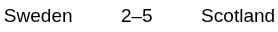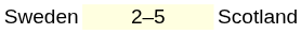 <table style="text-align:center">
 <tr>
 <th width=200></th>
 <th width=100></th>
 <th width=200></th>
 </tr>
 <tr>
 <td align=right>Sweden </td>
-<td>2–5</td>
+<td style="background: lightyellow;">2–5</td>
 <td align=left> Scotland</td>
 </tr>
 </table>
